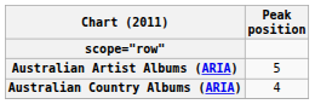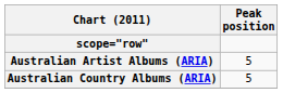 <table class="wikitable sortable plainrowheaders">
 <tr>
 <th scope="col">Chart (2011)</th>
 <th scope="col">Peak<br>position</th>
 </tr>
 <tr>
 <th>scope="row"</th>
 </tr>
 <tr>
 <th scope="row">Australian Artist Albums (<a href='#'>ARIA</a>)</th>
 <td align="center">5</td>
 </tr>
 <tr>
 <th scope="row">Australian Country Albums (<a href='#'>ARIA</a>)</th>
-<td align="center">4</td>
+<td align="center">5</td>
 </tr>
 <tr>
 </tr>
 </table>
